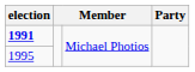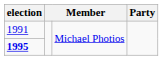 <table class="wikitable">
 <tr>
 <th>election</th>
 <th colspan="2">Member</th>
 <th>Party</th>
 </tr>
 <tr>
-<td><strong><a href='#'>1991</a></strong></td>
+<td><a href='#'>1991</a></td>
 <td rowspan="2" > </td>
 <td rowspan="2"><a href='#'>Michael Photios</a></td>
 <td rowspan="2"></td>
 </tr>
 <tr>
-<td><a href='#'>1995</a></td>
+<td><strong><a href='#'>1995</a></strong></td>
 </tr>
 </table>
